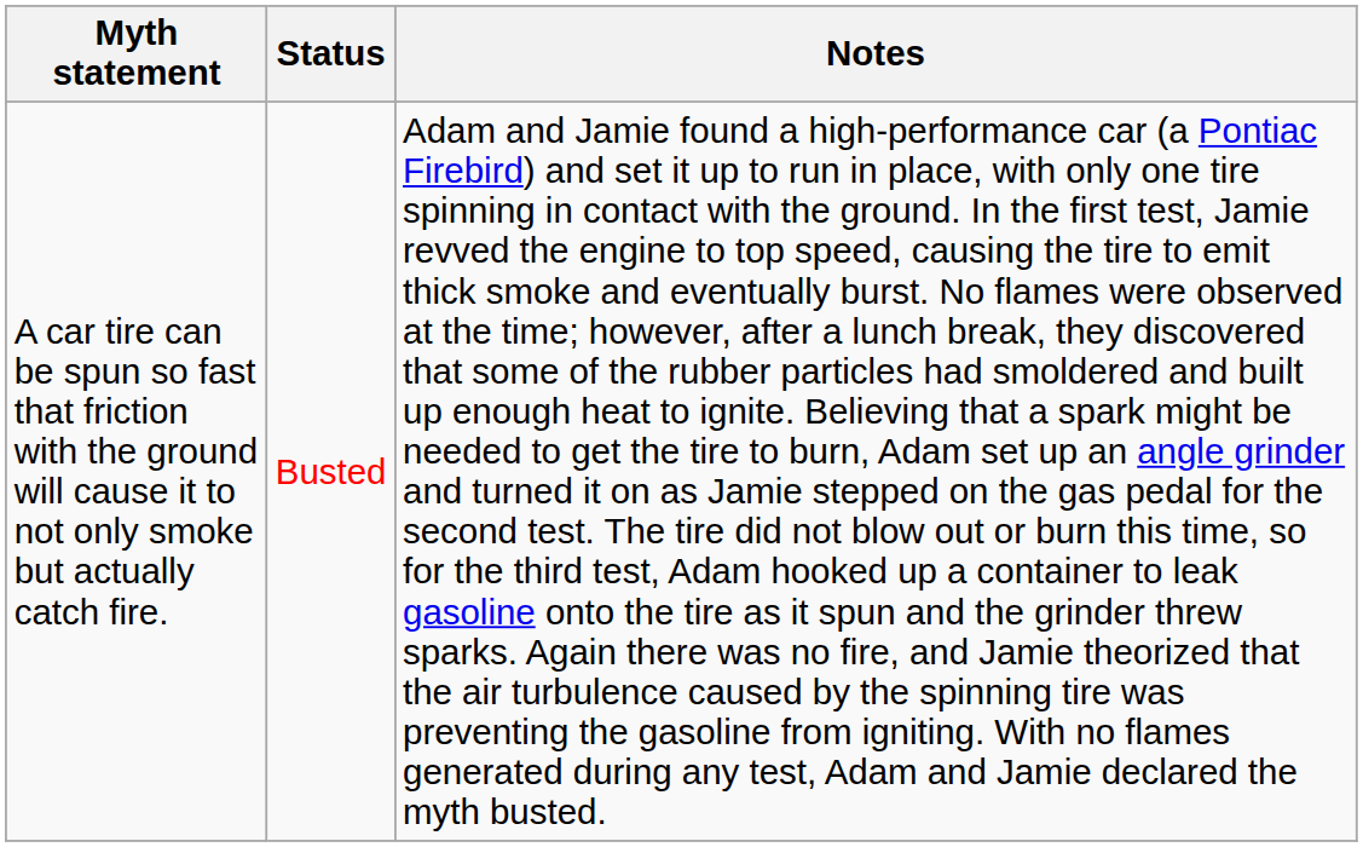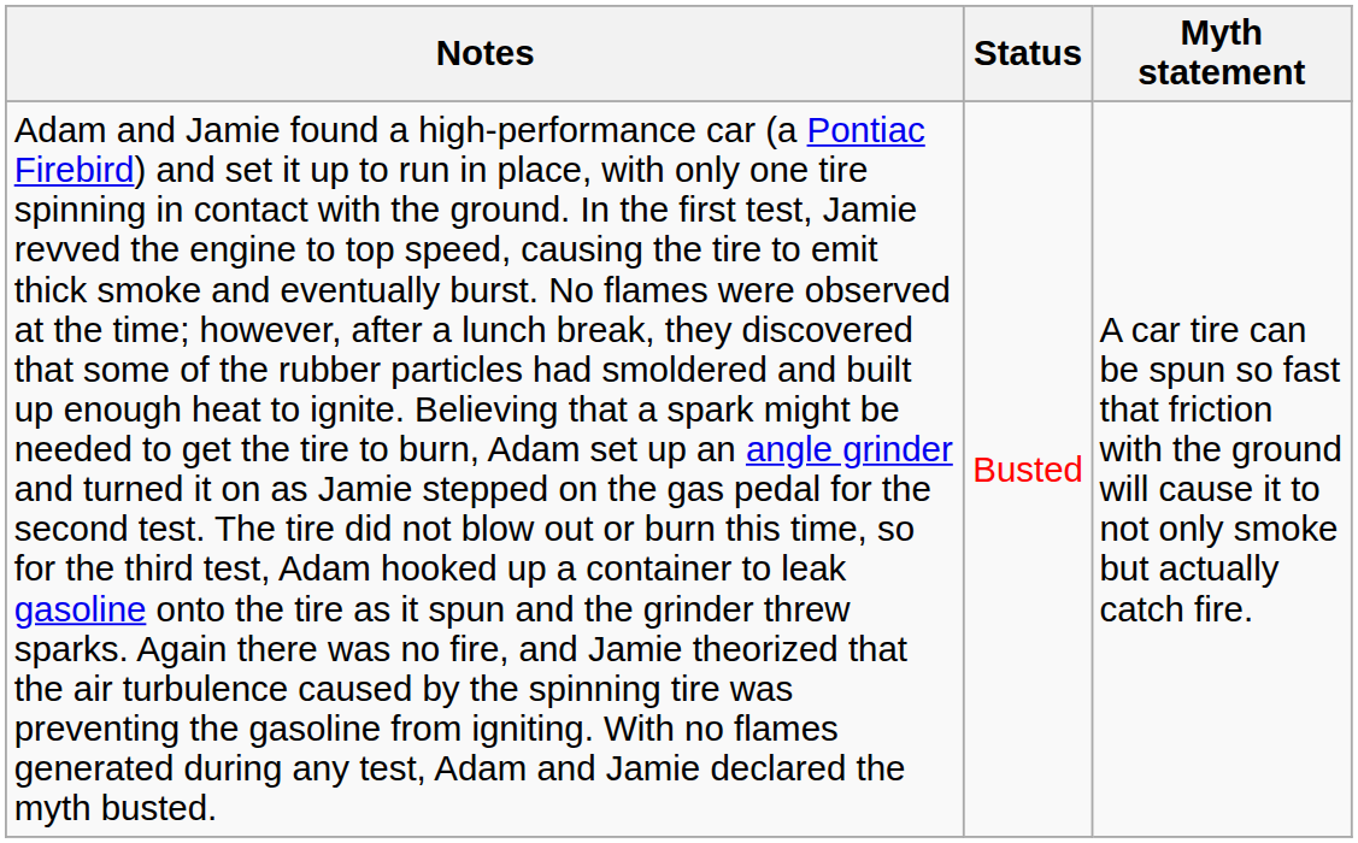 <table class="wikitable plainrowheaders">
 <tr>
+<th>Notes</th>
+<th>Status</th>
 <th>Myth statement</th>
-<th>Status</th>
-<th>Notes</th>
 </tr>
 <tr>
+<td>Adam and Jamie found a high-performance car (a <a href='#'>Pontiac Firebird</a>) and set it up to run in place, with only one tire spinning in contact with the ground. In the first test, Jamie revved the engine to top speed, causing the tire to emit thick smoke and eventually burst. No flames were observed at the time; however, after a lunch break, they discovered that some of the rubber particles had smoldered and built up enough heat to ignite. Believing that a spark might be needed to get the tire to burn, Adam set up an <a href='#'>angle grinder</a> and turned it on as Jamie stepped on the gas pedal for the second test. The tire did not blow out or burn this time, so for the third test, Adam hooked up a container to leak <a href='#'>gasoline</a> onto the tire as it spun and the grinder threw sparks. Again there was no fire, and Jamie theorized that the air turbulence caused by the spinning tire was preventing the gasoline from igniting. With no flames generated during any test, Adam and Jamie declared the myth busted.</td>
+<td style="color:red">Busted</td>
 <td>A car tire can be spun so fast that friction with the ground will cause it to not only smoke but actually catch fire.</td>
-<td style="color:red">Busted</td>
-<td>Adam and Jamie found a high-performance car (a <a href='#'>Pontiac Firebird</a>) and set it up to run in place, with only one tire spinning in contact with the ground. In the first test, Jamie revved the engine to top speed, causing the tire to emit thick smoke and eventually burst. No flames were observed at the time; however, after a lunch break, they discovered that some of the rubber particles had smoldered and built up enough heat to ignite. Believing that a spark might be needed to get the tire to burn, Adam set up an <a href='#'>angle grinder</a> and turned it on as Jamie stepped on the gas pedal for the second test. The tire did not blow out or burn this time, so for the third test, Adam hooked up a container to leak <a href='#'>gasoline</a> onto the tire as it spun and the grinder threw sparks. Again there was no fire, and Jamie theorized that the air turbulence caused by the spinning tire was preventing the gasoline from igniting. With no flames generated during any test, Adam and Jamie declared the myth busted.</td>
 </tr>
 </table>
